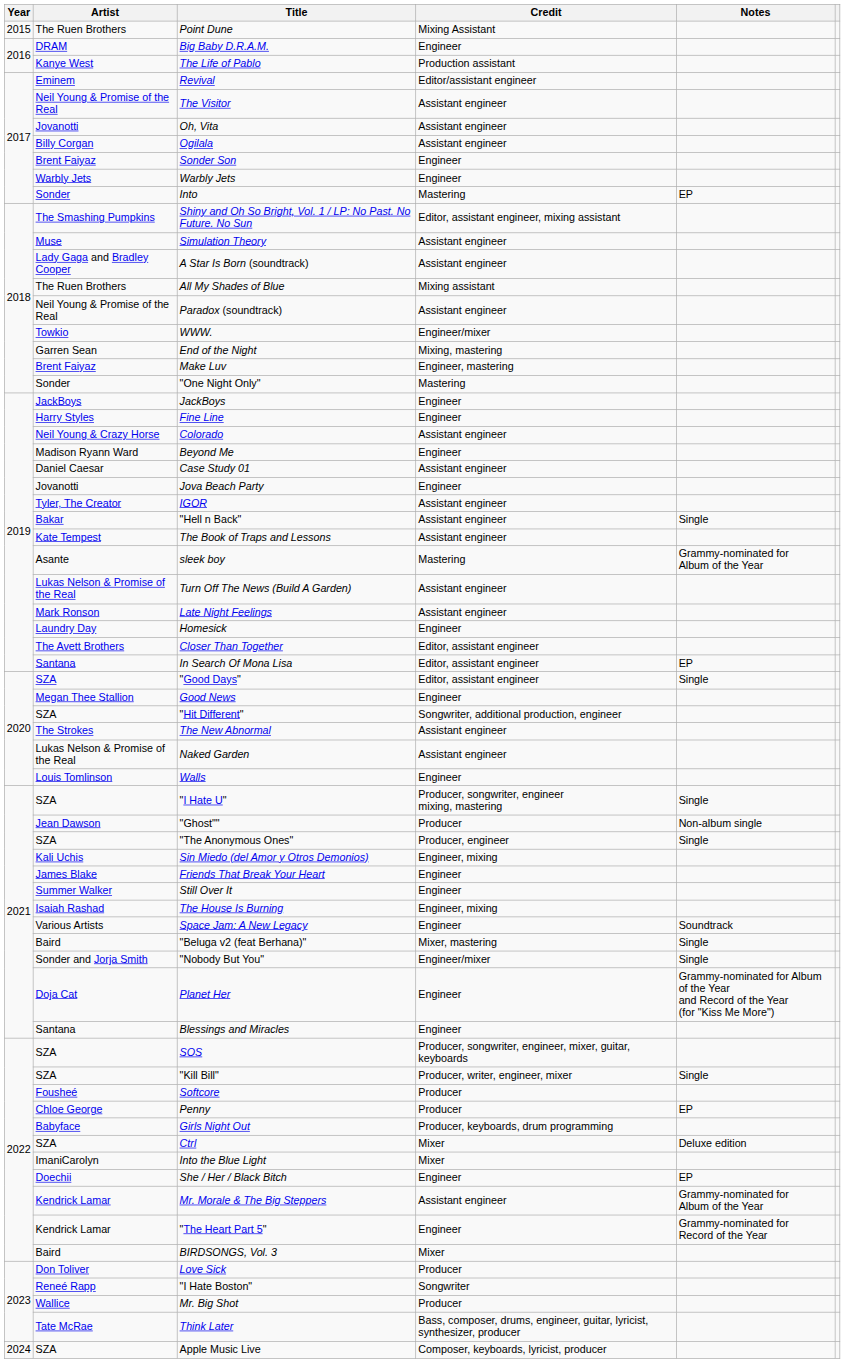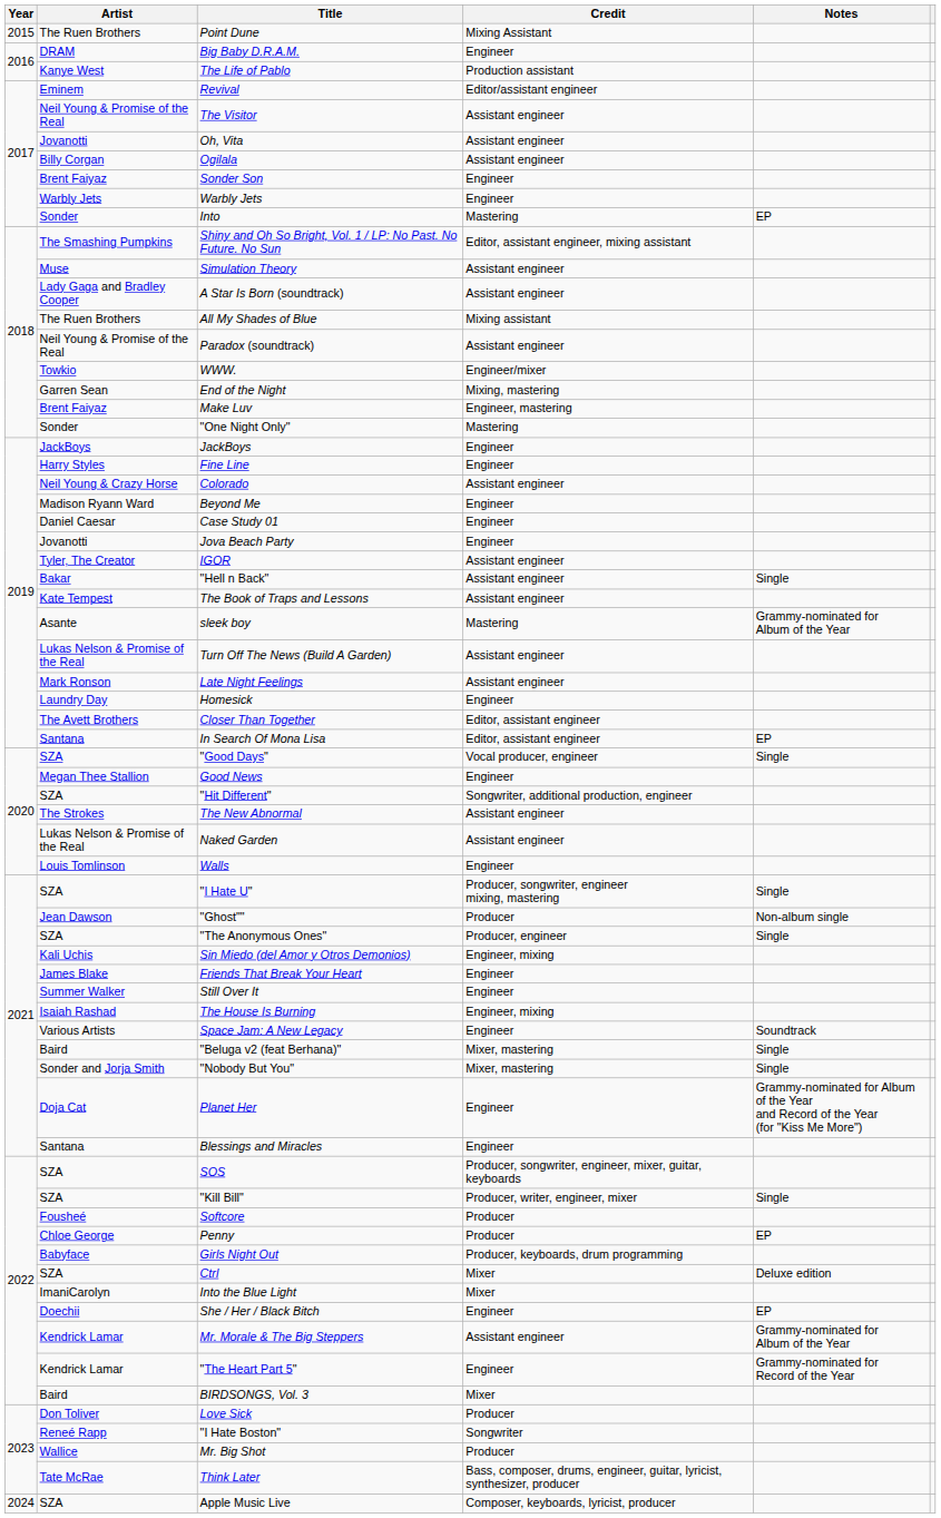 <table class=wikitable plainrow headers sortable">
 <tr>
 <th scope="col">Year</th>
 <th scope="col">Artist</th>
 <th scope="col">Title</th>
 <th scope="col">Credit</th>
 <th scope="col" class="unsortable">Notes</th>
 <th scope="col" class="unsortable"></th>
 </tr>
 <tr>
 <td scope="row">2015</td>
 <td>The Ruen Brothers</td>
 <td><em>Point Dune</em></td>
 <td>Mixing Assistant</td>
 <td></td>
 <td></td>
 </tr>
 <tr>
 <td scope="row" rowspan="2">2016</td>
 <td><a href='#'>DRAM</a></td>
 <td><em><a href='#'>Big Baby D.R.A.M.</a></em></td>
 <td>Engineer</td>
 <td></td>
 <td></td>
 </tr>
 <tr>
 <td><a href='#'>Kanye West</a></td>
 <td><em><a href='#'>The Life of Pablo</a></em></td>
 <td>Production assistant</td>
 <td></td>
 <td></td>
 </tr>
 <tr>
 <td scope="row" rowspan="7">2017</td>
 <td><a href='#'>Eminem</a></td>
 <td><em><a href='#'>Revival</a></em></td>
 <td>Editor/assistant engineer</td>
 <td></td>
 <td></td>
 </tr>
 <tr>
 <td><a href='#'>Neil Young & Promise of the Real</a></td>
 <td><em><a href='#'>The Visitor</a></em></td>
 <td>Assistant engineer</td>
 <td></td>
 <td></td>
 </tr>
 <tr>
 <td><a href='#'>Jovanotti</a></td>
 <td><em>Oh, Vita</em></td>
 <td>Assistant engineer</td>
 <td></td>
 <td></td>
 </tr>
 <tr>
 <td><a href='#'>Billy Corgan</a></td>
 <td><em><a href='#'>Ogilala</a></em></td>
 <td>Assistant engineer</td>
 <td></td>
 <td></td>
 </tr>
 <tr>
 <td><a href='#'>Brent Faiyaz</a></td>
 <td><em><a href='#'>Sonder Son</a></em></td>
 <td>Engineer</td>
 <td></td>
 <td></td>
 </tr>
 <tr>
 <td><a href='#'>Warbly Jets</a></td>
 <td><em>Warbly Jets</em></td>
 <td>Engineer</td>
 <td></td>
 <td></td>
 </tr>
 <tr>
 <td><a href='#'>Sonder</a></td>
 <td><em>Into</em></td>
 <td>Mastering</td>
 <td>EP</td>
 <td></td>
 </tr>
 <tr>
 <td scope="row" rowspan="9">2018</td>
 <td><a href='#'>The Smashing Pumpkins</a></td>
 <td><em><a href='#'>Shiny and Oh So Bright, Vol. 1 / LP: No Past. No Future. No Sun</a></em></td>
 <td>Editor, assistant engineer, mixing assistant</td>
 <td></td>
 <td></td>
 </tr>
 <tr>
 <td><a href='#'>Muse</a></td>
 <td><em><a href='#'>Simulation Theory</a></em></td>
 <td>Assistant engineer</td>
 <td></td>
 <td></td>
 </tr>
 <tr>
 <td><a href='#'>Lady Gaga</a> and <a href='#'>Bradley Cooper</a></td>
 <td><em>A Star Is Born</em> (soundtrack)</td>
 <td>Assistant engineer</td>
 <td></td>
 <td></td>
 </tr>
 <tr>
 <td>The Ruen Brothers</td>
 <td><em>All My Shades of Blue</em></td>
 <td>Mixing assistant</td>
 <td></td>
 <td></td>
 </tr>
 <tr>
 <td>Neil Young & Promise of the Real</td>
 <td><em>Paradox</em> (soundtrack)</td>
 <td>Assistant engineer</td>
 <td></td>
 <td></td>
 </tr>
 <tr>
 <td><a href='#'>Towkio</a></td>
 <td><em>WWW.</em></td>
 <td>Engineer/mixer</td>
 <td></td>
 <td></td>
 </tr>
 <tr>
 <td>Garren Sean</td>
 <td><em>End of the Night</em></td>
 <td>Mixing, mastering</td>
 <td></td>
 <td></td>
 </tr>
 <tr>
 <td><a href='#'>Brent Faiyaz</a></td>
 <td><em>Make Luv</em></td>
 <td>Engineer, mastering</td>
 <td></td>
 <td></td>
 </tr>
 <tr>
 <td>Sonder</td>
 <td>"One Night Only"</td>
 <td>Mastering</td>
 <td></td>
 <td></td>
 </tr>
 <tr>
 <td scope="row" rowspan="15">2019</td>
 <td><a href='#'>JackBoys</a></td>
 <td><em>JackBoys</em></td>
 <td>Engineer</td>
 <td></td>
 <td></td>
 </tr>
 <tr>
 <td><a href='#'>Harry Styles</a></td>
 <td><em><a href='#'>Fine Line</a></em></td>
 <td>Engineer</td>
 <td></td>
 <td></td>
 </tr>
 <tr>
 <td><a href='#'>Neil Young & Crazy Horse</a></td>
 <td><em><a href='#'>Colorado</a></em></td>
 <td>Assistant engineer</td>
 <td></td>
 <td></td>
 </tr>
 <tr>
 <td>Madison Ryann Ward</td>
 <td><em>Beyond Me</em></td>
 <td>Engineer</td>
 <td></td>
 <td></td>
 </tr>
 <tr>
 <td>Daniel Caesar</td>
 <td><em>Case Study 01</em></td>
-<td>Assistant engineer</td>
+<td>Engineer</td>
 <td></td>
 <td></td>
 </tr>
 <tr>
 <td>Jovanotti</td>
 <td><em>Jova Beach Party</em></td>
 <td>Engineer</td>
 <td></td>
 <td></td>
 </tr>
 <tr>
 <td><a href='#'>Tyler, The Creator</a></td>
 <td><em><a href='#'>IGOR</a></em></td>
 <td>Assistant engineer</td>
 <td></td>
 <td></td>
 </tr>
 <tr>
 <td><a href='#'>Bakar</a></td>
 <td>"Hell n Back"</td>
 <td>Assistant engineer</td>
 <td>Single</td>
 <td></td>
 </tr>
 <tr>
 <td><a href='#'>Kate Tempest</a></td>
 <td><em>The Book of Traps and Lessons</em></td>
 <td>Assistant engineer</td>
 <td></td>
 <td></td>
 </tr>
 <tr>
 <td>Asante</td>
 <td><em>sleek boy</em></td>
 <td>Mastering</td>
 <td>Grammy-nominated for <br>Album of the Year</td>
 <td></td>
 </tr>
 <tr>
 <td><a href='#'>Lukas Nelson & Promise of the Real</a></td>
 <td><em>Turn Off The News (Build A Garden)</em></td>
 <td>Assistant engineer</td>
 <td></td>
 <td></td>
 </tr>
 <tr>
 <td><a href='#'>Mark Ronson</a></td>
 <td><em><a href='#'>Late Night Feelings</a></em></td>
 <td>Assistant engineer</td>
 <td></td>
 <td></td>
 </tr>
 <tr>
 <td><a href='#'>Laundry Day</a></td>
 <td><em>Homesick</em></td>
 <td>Engineer</td>
 <td></td>
 <td></td>
 </tr>
 <tr>
 <td><a href='#'>The Avett Brothers</a></td>
 <td><em><a href='#'>Closer Than Together</a></em></td>
 <td>Editor, assistant engineer</td>
 <td></td>
 <td></td>
 </tr>
 <tr>
 <td><a href='#'>Santana</a></td>
 <td><em>In Search Of Mona Lisa</em></td>
 <td>Editor, assistant engineer</td>
 <td>EP</td>
 <td></td>
 </tr>
 <tr>
 <td scope="row"rowspan="6">2020</td>
 <td><a href='#'>SZA</a></td>
 <td>"<a href='#'>Good Days</a>"</td>
-<td>Editor, assistant engineer</td>
+<td>Vocal producer, engineer</td>
 <td>Single</td>
 <td></td>
 </tr>
 <tr>
 <td><a href='#'>Megan Thee Stallion</a></td>
 <td><em><a href='#'>Good News</a></em></td>
 <td>Engineer</td>
 <td></td>
 <td></td>
 </tr>
 <tr>
 <td>SZA</td>
 <td>"<a href='#'>Hit Different</a>"</td>
 <td>Songwriter, additional production, engineer</td>
 <td></td>
 <td></td>
 </tr>
 <tr>
 <td><a href='#'>The Strokes</a></td>
 <td><em><a href='#'>The New Abnormal</a></em></td>
 <td>Assistant engineer</td>
 <td></td>
 <td></td>
 </tr>
 <tr>
 <td>Lukas Nelson & Promise of the Real</td>
 <td><em>Naked Garden</em></td>
 <td>Assistant engineer</td>
 <td></td>
 <td></td>
 </tr>
 <tr>
 <td><a href='#'>Louis Tomlinson</a></td>
 <td><em><a href='#'>Walls</a></em></td>
 <td>Engineer</td>
 <td></td>
 <td></td>
 </tr>
 <tr>
 <td scope=row rowspan="12">2021</td>
 <td>SZA</td>
 <td>"<a href='#'>I Hate U</a>"</td>
 <td>Producer, songwriter, engineer <br> mixing, mastering</td>
 <td>Single</td>
 <td></td>
 </tr>
 <tr>
 <td><a href='#'>Jean Dawson</a></td>
 <td>"Ghost""</td>
 <td>Producer</td>
 <td>Non-album single</td>
 <td></td>
 </tr>
 <tr>
 <td>SZA</td>
 <td>"The Anonymous Ones"</td>
 <td>Producer, engineer</td>
 <td>Single</td>
 <td></td>
 </tr>
 <tr>
 <td><a href='#'>Kali Uchis</a></td>
 <td><em><a href='#'>Sin Miedo (del Amor y Otros Demonios)</a></em></td>
 <td>Engineer, mixing</td>
 <td></td>
 <td></td>
 </tr>
 <tr>
 <td><a href='#'>James Blake</a></td>
 <td><em><a href='#'>Friends That Break Your Heart</a></em></td>
 <td>Engineer</td>
 <td></td>
 <td></td>
 </tr>
 <tr>
 <td><a href='#'>Summer Walker</a></td>
 <td><em>Still Over It</em></td>
 <td>Engineer</td>
 <td></td>
 <td></td>
 </tr>
 <tr>
 <td><a href='#'>Isaiah Rashad</a></td>
 <td><em><a href='#'>The House Is Burning</a></em></td>
 <td>Engineer, mixing</td>
 <td></td>
 <td></td>
 </tr>
 <tr>
 <td>Various Artists</td>
 <td><em><a href='#'>Space Jam: A New Legacy</a></em></td>
 <td>Engineer</td>
 <td>Soundtrack</td>
 <td></td>
 </tr>
 <tr>
 <td>Baird</td>
 <td>"Beluga v2 (feat Berhana)"</td>
 <td>Mixer, mastering</td>
 <td>Single</td>
 <td></td>
 </tr>
 <tr>
 <td>Sonder and <a href='#'>Jorja Smith</a></td>
 <td>"Nobody But You"</td>
-<td>Engineer/mixer</td>
+<td>Mixer, mastering</td>
 <td>Single</td>
 <td></td>
 </tr>
 <tr>
 <td><a href='#'>Doja Cat</a></td>
 <td><em><a href='#'>Planet Her</a></em></td>
 <td>Engineer</td>
 <td>Grammy-nominated for Album of the Year <br> and Record of the Year <br> (for "Kiss Me More")</td>
 <td></td>
 </tr>
 <tr>
 <td>Santana</td>
 <td><em>Blessings and Miracles</em></td>
 <td>Engineer</td>
 <td></td>
 <td></td>
 </tr>
 <tr>
 <td scope="row" rowspan="11">2022</td>
 <td>SZA</td>
 <td><em><a href='#'>SOS</a></em></td>
 <td>Producer, songwriter, engineer, mixer, guitar, keyboards</td>
 <td></td>
 <td></td>
 </tr>
 <tr>
 <td>SZA</td>
 <td>"Kill Bill"</td>
 <td>Producer, writer, engineer, mixer</td>
 <td>Single</td>
 <td></td>
 </tr>
 <tr>
 <td><a href='#'>Fousheé</a></td>
 <td><em><a href='#'>Softcore</a></em></td>
 <td>Producer</td>
 <td></td>
 <td></td>
 </tr>
 <tr>
 <td><a href='#'>Chloe George</a></td>
 <td><em>Penny</em></td>
 <td>Producer</td>
 <td>EP</td>
 <td></td>
 </tr>
 <tr>
 <td><a href='#'>Babyface</a></td>
 <td><em><a href='#'>Girls Night Out</a></em></td>
 <td>Producer, keyboards, drum programming</td>
 <td></td>
 <td></td>
 </tr>
 <tr>
 <td>SZA</td>
 <td><em><a href='#'>Ctrl</a></em></td>
 <td>Mixer</td>
 <td>Deluxe edition</td>
 <td></td>
 </tr>
 <tr>
 <td>ImaniCarolyn</td>
 <td><em>Into the Blue Light</em></td>
 <td>Mixer</td>
 <td></td>
 <td></td>
 </tr>
 <tr>
 <td><a href='#'>Doechii</a></td>
 <td><em>She / Her / Black Bitch</em></td>
 <td>Engineer</td>
 <td>EP</td>
 <td></td>
 </tr>
 <tr>
 <td><a href='#'>Kendrick Lamar</a></td>
 <td><em><a href='#'>Mr. Morale & The Big Steppers</a></em></td>
 <td>Assistant engineer</td>
 <td>Grammy-nominated for <br>Album of the Year</td>
 <td></td>
 </tr>
 <tr>
 <td>Kendrick Lamar</td>
 <td>"<a href='#'>The Heart Part 5</a>"</td>
 <td>Engineer</td>
 <td>Grammy-nominated for <br> Record of the Year</td>
 <td></td>
 </tr>
 <tr>
 <td>Baird</td>
 <td><em>BIRDSONGS, Vol. 3</em></td>
 <td>Mixer</td>
 <td></td>
 <td></td>
 </tr>
 <tr>
 <td rowspan="4" scope="row">2023</td>
 <td><a href='#'>Don Toliver</a></td>
 <td><em><a href='#'>Love Sick</a></em></td>
 <td>Producer</td>
 <td></td>
 <td></td>
 </tr>
 <tr>
 <td><a href='#'>Reneé Rapp</a></td>
 <td>"I Hate Boston"</td>
 <td>Songwriter</td>
 <td></td>
 <td></td>
 </tr>
 <tr>
 <td><a href='#'>Wallice</a></td>
 <td><em>Mr. Big Shot</em></td>
 <td>Producer</td>
 <td></td>
 <td></td>
 </tr>
 <tr>
 <td><a href='#'>Tate McRae</a></td>
 <td><a href='#'><em>Think Later</em></a></td>
 <td>Bass, composer, drums, engineer, guitar, lyricist, synthesizer, producer</td>
 <td></td>
 <td></td>
 </tr>
 <tr>
 <td>2024</td>
 <td>SZA</td>
 <td>Apple Music Live</td>
 <td>Composer, keyboards, lyricist, producer</td>
 <td></td>
 <td></td>
 </tr>
 </table>
